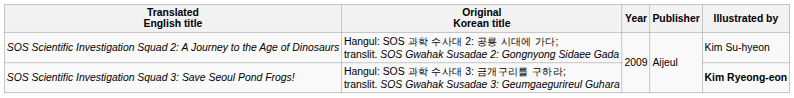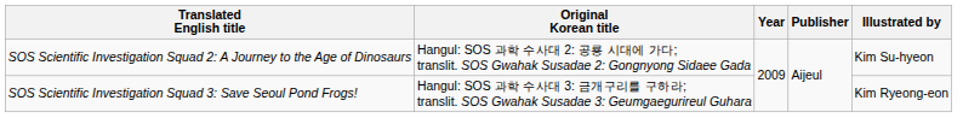 <table class="wikitable">
 <tr>
 <th>Translated <br>English title</th>
 <th>Original <br>Korean title</th>
 <th>Year</th>
 <th>Publisher</th>
 <th>Illustrated by</th>
 </tr>
 <tr>
 <td><em>SOS Scientific Investigation Squad 2: A Journey to the Age of Dinosaurs</em></td>
 <td>Hangul: SOS 과학 수사대 2: 공룡 시대에 가다; <br>translit. <em>SOS Gwahak Susadae 2: Gongnyong Sidaee Gada</em></td>
 <td rowspan="2">2009</td>
 <td rowspan="2">Aijeul</td>
 <td>Kim Su-hyeon</td>
 </tr>
 <tr>
 <td><em>SOS Scientific Investigation Squad 3: Save Seoul Pond Frogs!</em></td>
 <td>Hangul: SOS 과학 수사대 3: 금개구리를 구하라; <br>translit. <em>SOS Gwahak Susadae 3: Geumgaegurireul Guhara</em></td>
-<td><strong>Kim Ryeong-eon</strong></td>
+<td>Kim Ryeong-eon</td>
 </tr>
 </table>
